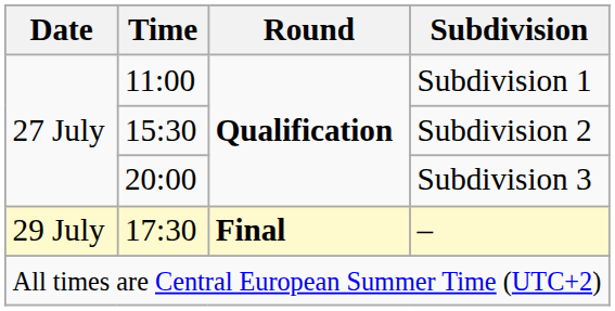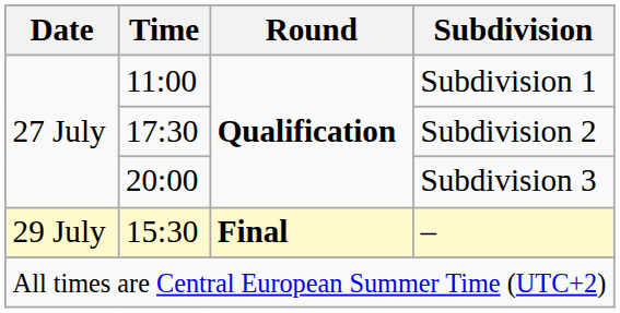 <table class="wikitable">
 <tr>
 <th>Date</th>
 <th>Time</th>
 <th>Round</th>
 <th>Subdivision</th>
 </tr>
 <tr>
 <td rowspan=3>27 July</td>
 <td>11:00</td>
 <td rowspan=3><strong>Qualification</strong></td>
 <td>Subdivision 1</td>
 </tr>
 <tr>
-<td>15:30</td>
+<td>17:30</td>
 <td>Subdivision 2</td>
 </tr>
 <tr>
 <td>20:00</td>
 <td>Subdivision 3</td>
 </tr>
 <tr style=background:lemonchiffon>
 <td>29 July</td>
-<td>17:30</td>
+<td>15:30</td>
 <td><strong>Final</strong></td>
 <td>–</td>
 </tr>
 <tr>
 <td colspan=4 align=center><small>All times are <a href='#'>Central European Summer Time</a> (<a href='#'>UTC+2</a>)</small></td>
 </tr>
 </table>
